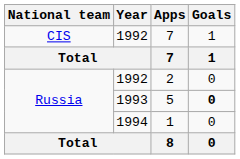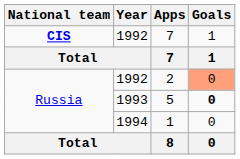 <table class="wikitable" style="text-align:center">
 <tr>
 <th>National team</th>
 <th>Year</th>
 <th>Apps</th>
 <th>Goals</th>
 </tr>
 <tr>
-<td><a href='#'>CIS</a></td>
+<td><strong><a href='#'>CIS</a></strong></td>
 <td>1992</td>
 <td>7</td>
 <td>1</td>
 </tr>
 <tr>
 <th colspan="2">Total</th>
 <th>7</th>
 <th>1</th>
 </tr>
 <tr>
 <td rowspan="3"><a href='#'>Russia</a></td>
 <td>1992</td>
 <td>2</td>
-<td>0</td>
+<td style="background: lightsalmon;">0</td>
 </tr>
 <tr>
 <td>1993</td>
 <td>5</td>
 <td><strong>0</strong></td>
 </tr>
 <tr>
 <td>1994</td>
 <td>1</td>
 <td>0</td>
 </tr>
 <tr>
 <th colspan="2">Total</th>
 <th>8</th>
 <th>0</th>
 </tr>
 </table>
